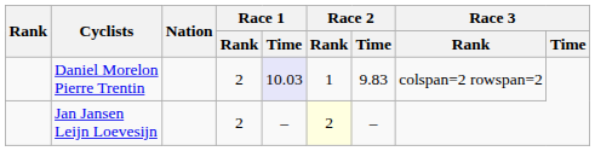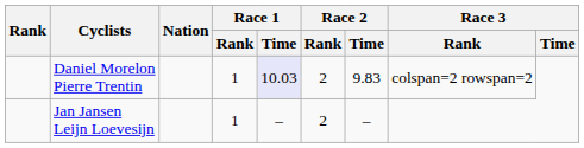 <table class="wikitable sortable" style="text-align:center">
 <tr>
 <th rowspan=2>Rank</th>
 <th rowspan=2>Cyclists</th>
 <th rowspan=2>Nation</th>
 <th colspan=2>Race 1</th>
 <th colspan=2>Race 2</th>
 <th colspan=2>Race 3</th>
 </tr>
 <tr>
 <th>Rank</th>
 <th>Time</th>
 <th>Rank</th>
 <th>Time</th>
 <th>Rank</th>
 <th>Time</th>
 </tr>
 <tr>
 <td></td>
 <td align=left><a href='#'>Daniel Morelon</a><br><a href='#'>Pierre Trentin</a></td>
 <td align=left></td>
+<td>1</td>
+<td style="background: lavender;">10.03</td>
 <td>2</td>
-<td style="background: lavender;">10.03</td>
-<td>1</td>
 <td>9.83</td>
 <td>colspan=2 rowspan=2 </td>
 </tr>
 <tr>
 <td></td>
 <td align=left><a href='#'>Jan Jansen</a><br><a href='#'>Leijn Loevesijn</a></td>
 <td align=left></td>
+<td>1</td>
+<td>–</td>
 <td>2</td>
-<td>–</td>
-<td style="background: lightyellow;">2</td>
 <td>–</td>
 </tr>
 </table>
